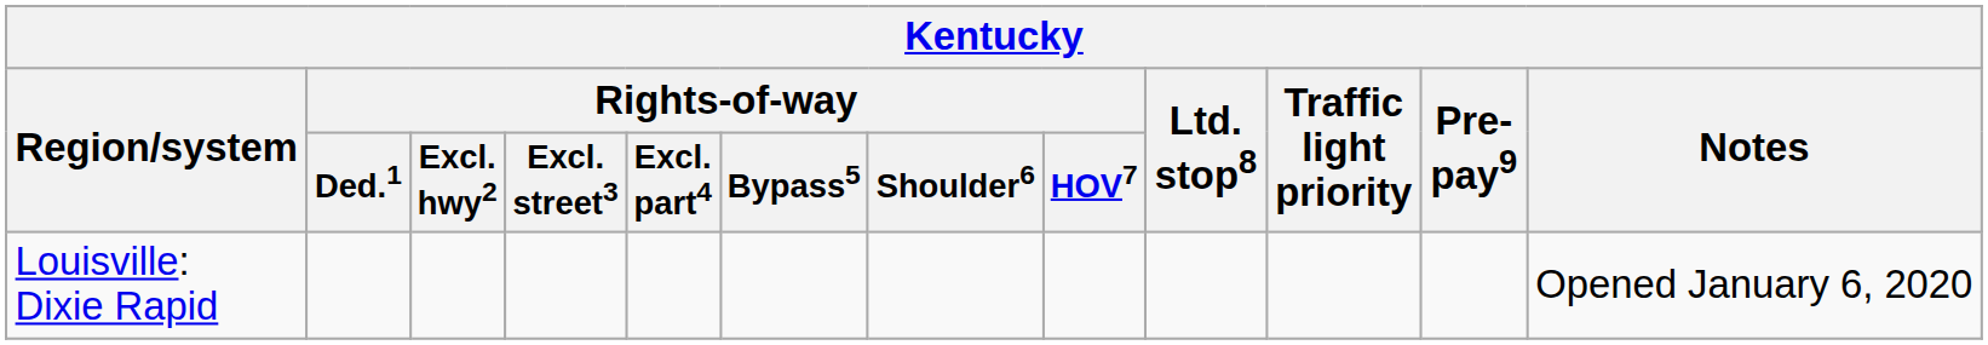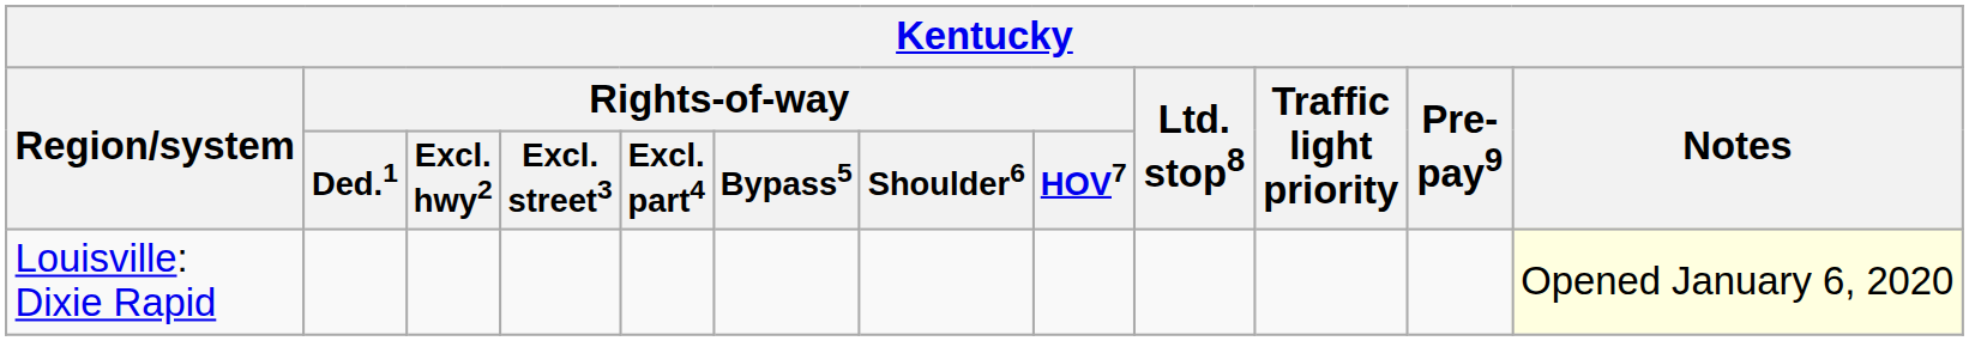 <table class="wikitable">
 <tr>
 <th colspan="12"><a href='#'>Kentucky</a></th>
 </tr>
 <tr>
 <th rowspan="2">Region/system</th>
 <th colspan="7">Rights-of-way</th>
 <th rowspan="2">Ltd.<br>stop<sup>8</sup></th>
 <th rowspan="2">Traffic<br>light<br>priority</th>
 <th rowspan="2">Pre-<br>pay<sup>9</sup></th>
 <th rowspan="2">Notes</th>
 </tr>
 <tr style="font-size: smaller">
 <th>Ded.<sup>1</sup></th>
 <th>Excl.<br>hwy<sup>2</sup></th>
 <th>Excl.<br>street<sup>3</sup></th>
 <th>Excl.<br>part<sup>4</sup></th>
 <th>Bypass<sup>5</sup></th>
 <th>Shoulder<sup>6</sup></th>
 <th><a href='#'>HOV</a><sup>7</sup></th>
 </tr>
 <tr>
 <td><a href='#'>Louisville</a>:<br><a href='#'>Dixie Rapid</a></td>
 <td></td>
 <td></td>
 <td></td>
 <td></td>
 <td></td>
 <td></td>
 <td></td>
 <td></td>
 <td></td>
 <td></td>
-<td>Opened January 6, 2020</td>
+<td style="background: lightyellow;">Opened January 6, 2020</td>
 </tr>
 </table>
